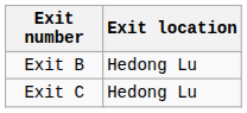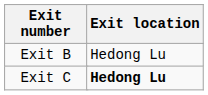 <table class="wikitable">
 <tr>
 <th style="width:70px" colspan="2">Exit number</th>
 <th>Exit location</th>
 </tr>
 <tr>
 <td align="center" colspan="2">Exit B</td>
 <td>Hedong Lu</td>
 </tr>
 <tr>
 <td align="center" colspan="2">Exit C</td>
-<td>Hedong Lu</td>
+<td><strong>Hedong Lu</strong></td>
 </tr>
 </table>
